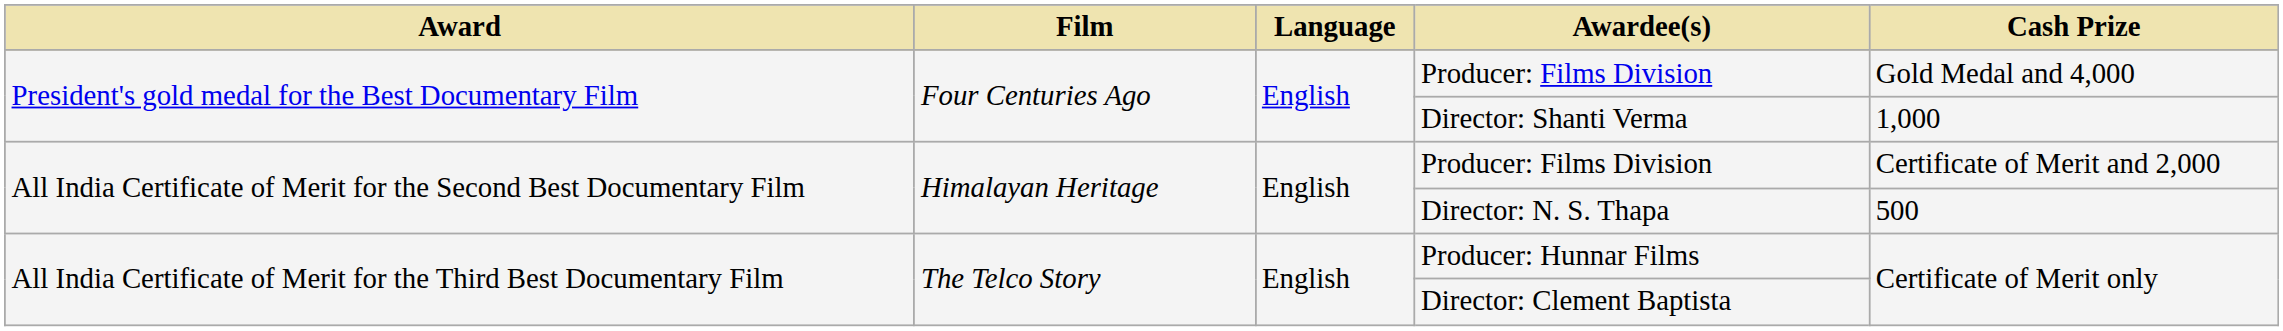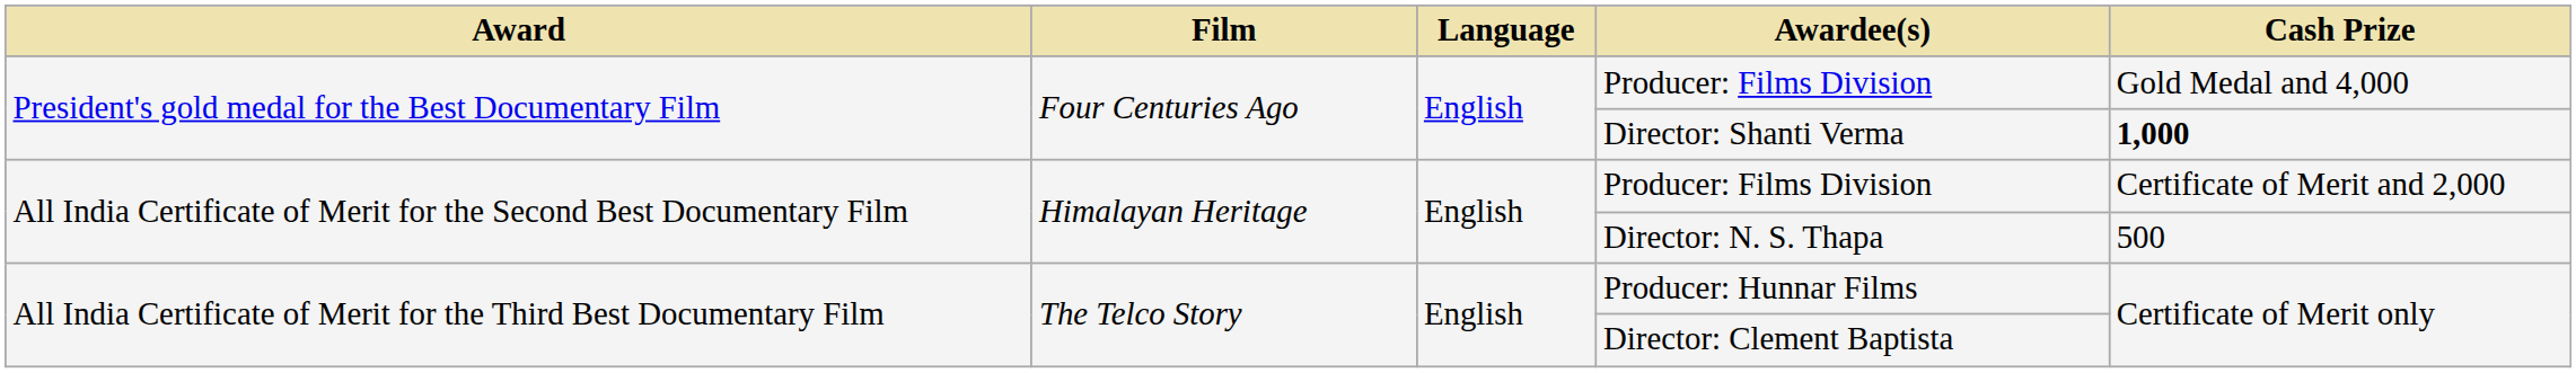 <table class="wikitable sortable" style="width:100%">
 <tr>
 <th style="background-color:#EFE4B0;width:40%;">Award</th>
 <th style="background-color:#EFE4B0;width:15%;">Film</th>
 <th style="background-color:#EFE4B0;width:7%;">Language</th>
 <th style="background-color:#EFE4B0;width:20%;">Awardee(s)</th>
 <th style="background-color:#EFE4B0;width:18%;">Cash Prize</th>
 </tr>
 <tr style="background-color:#F4F4F4">
 <td rowspan="2"><a href='#'>President's gold medal for the Best Documentary Film</a></td>
 <td rowspan="2"><em>Four Centuries Ago</em></td>
 <td rowspan="2"><a href='#'>English</a></td>
 <td>Producer: <a href='#'>Films Division</a></td>
 <td>Gold Medal and 4,000</td>
 </tr>
 <tr style="background-color:#F4F4F4">
 <td>Director: Shanti Verma</td>
-<td>1,000</td>
+<td><strong>1,000</strong></td>
 </tr>
 <tr style="background-color:#F4F4F4">
 <td rowspan="2">All India Certificate of Merit for the Second Best Documentary Film</td>
 <td rowspan="2"><em>Himalayan Heritage</em></td>
 <td rowspan="2">English</td>
 <td>Producer: Films Division</td>
 <td>Certificate of Merit and 2,000</td>
 </tr>
 <tr style="background-color:#F4F4F4">
 <td>Director: N. S. Thapa</td>
 <td>500</td>
 </tr>
 <tr style="background-color:#F4F4F4">
 <td rowspan="2">All India Certificate of Merit for the Third Best Documentary Film</td>
 <td rowspan="2"><em>The Telco Story</em></td>
 <td rowspan="2">English</td>
 <td>Producer: Hunnar Films</td>
 <td rowspan="2">Certificate of Merit only</td>
 </tr>
 <tr style="background-color:#F4F4F4">
 <td>Director: Clement Baptista</td>
 </tr>
 </table>
